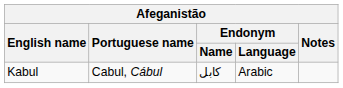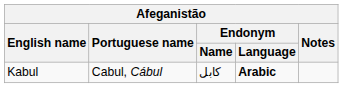 <table class="wikitable sortable">
 <tr>
 <th colspan="5"> Afeganistão</th>
 </tr>
 <tr>
 <th rowspan="2">English name</th>
 <th rowspan="2">Portuguese name</th>
 <th colspan="2">Endonym</th>
 <th rowspan="2">Notes</th>
 </tr>
 <tr>
 <th>Name</th>
 <th>Language</th>
 </tr>
 <tr>
 <td>Kabul</td>
 <td>Cabul, <em>Cábul</em></td>
 <td>کابل</td>
-<td>Arabic</td>
+<td><strong>Arabic</strong></td>
 <td></td>
 </tr>
 </table>
